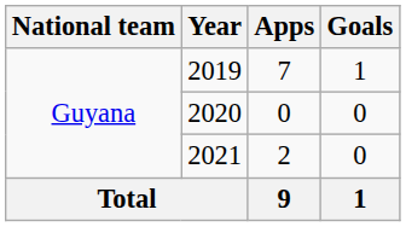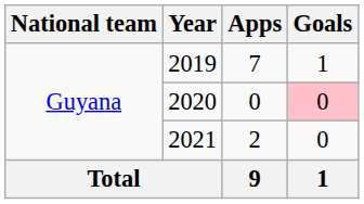 <table class="wikitable" style="font-size:100%; text-align: center">
 <tr>
 <th>National team</th>
 <th>Year</th>
 <th>Apps</th>
 <th>Goals</th>
 </tr>
 <tr>
 <td rowspan="3"><a href='#'>Guyana</a></td>
 <td>2019</td>
 <td>7</td>
 <td>1</td>
 </tr>
 <tr>
 <td>2020</td>
 <td>0</td>
-<td>0</td>
+<td style="background: pink;">0</td>
 </tr>
 <tr>
 <td>2021</td>
 <td>2</td>
 <td>0</td>
 </tr>
 <tr>
 <th colspan=2>Total</th>
 <th>9</th>
 <th>1</th>
 </tr>
 </table>
